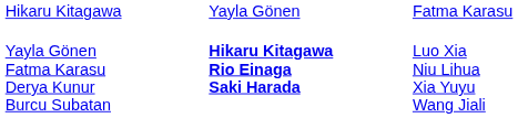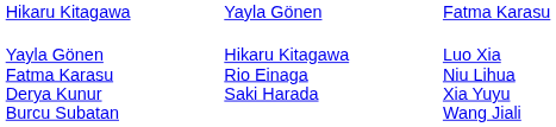 <table>
 <tr>
 <td><a href='#'>Hikaru Kitagawa</a><br></td>
 <td><a href='#'>Yayla Gönen</a><br></td>
 <td><a href='#'>Fatma Karasu</a><br></td>
 </tr>
 <tr>
 <td width=200 valign=top><br><a href='#'>Yayla Gönen</a><br><a href='#'>Fatma Karasu</a><br><a href='#'>Derya Kunur</a><br><a href='#'>Burcu Subatan</a></td>
-<td width=200 valign=top><strong><br><a href='#'>Hikaru Kitagawa</a><br><a href='#'>Rio Einaga</a><br><a href='#'>Saki Harada</a></strong></td>
+<td width=200 valign=top><br><a href='#'>Hikaru Kitagawa</a><br><a href='#'>Rio Einaga</a><br><a href='#'>Saki Harada</a></td>
 <td width=200 valign=top><br><a href='#'>Luo Xia</a><br><a href='#'>Niu Lihua</a><br><a href='#'>Xia Yuyu</a><br><a href='#'>Wang Jiali</a></td>
 </tr>
 </table>
